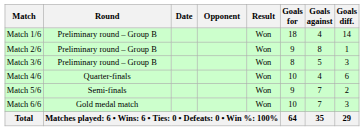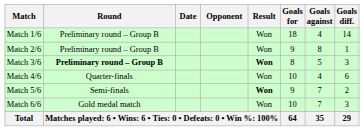 <table class="wikitable sortable" style="text-align: center; font-size: 85%; margin-left: 1em;">
 <tr>
 <th>Match</th>
 <th>Round</th>
 <th>Date</th>
 <th>Opponent</th>
 <th>Result</th>
 <th>Goals<br>for</th>
 <th>Goals<br>against</th>
 <th>Goals<br>diff.</th>
 </tr>
 <tr style="background-color: #ccffcc;">
 <td>Match 1/6</td>
 <td>Preliminary round – Group B</td>
 <td style="text-align: right;"></td>
 <td style="text-align: left;"></td>
 <td>Won</td>
 <td>18</td>
 <td>4</td>
 <td>14</td>
 </tr>
 <tr style="background-color: #ccffcc;">
 <td>Match 2/6</td>
 <td>Preliminary round – Group B</td>
 <td style="text-align: right;"></td>
 <td style="text-align: left;"></td>
 <td>Won</td>
 <td>9</td>
 <td>8</td>
 <td>1</td>
 </tr>
 <tr style="background-color: #ccffcc;">
 <td>Match 3/6</td>
-<td>Preliminary round – Group B</td>
+<td><strong>Preliminary round – Group B</strong></td>
 <td style="text-align: right;"></td>
 <td style="text-align: left;"></td>
-<td>Won</td>
+<td><strong>Won</strong></td>
 <td>8</td>
 <td>5</td>
 <td>3</td>
 </tr>
 <tr style="background-color: #ccffcc;">
 <td>Match 4/6</td>
 <td>Quarter-finals</td>
 <td style="text-align: right;"></td>
 <td style="text-align: left;"></td>
 <td>Won</td>
 <td>10</td>
 <td>4</td>
 <td>6</td>
 </tr>
 <tr style="background-color: #ccffcc;">
 <td>Match 5/6</td>
 <td>Semi-finals</td>
 <td style="text-align: right;"></td>
 <td style="text-align: left;"></td>
-<td>Won</td>
+<td><strong>Won</strong></td>
 <td>9</td>
 <td>7</td>
 <td>2</td>
 </tr>
 <tr style="background-color: #ccffcc;">
 <td>Match 6/6</td>
 <td>Gold medal match</td>
 <td style="text-align: right;"></td>
 <td style="text-align: left;"></td>
 <td>Won</td>
 <td>10</td>
 <td>7</td>
 <td>3</td>
 </tr>
 <tr>
 <th>Total</th>
 <th colspan="4">Matches played: 6 • Wins: 6 • Ties: 0 • Defeats: 0 • Win %: 100%</th>
 <th>64</th>
 <th>35</th>
 <th>29</th>
 </tr>
 </table>
